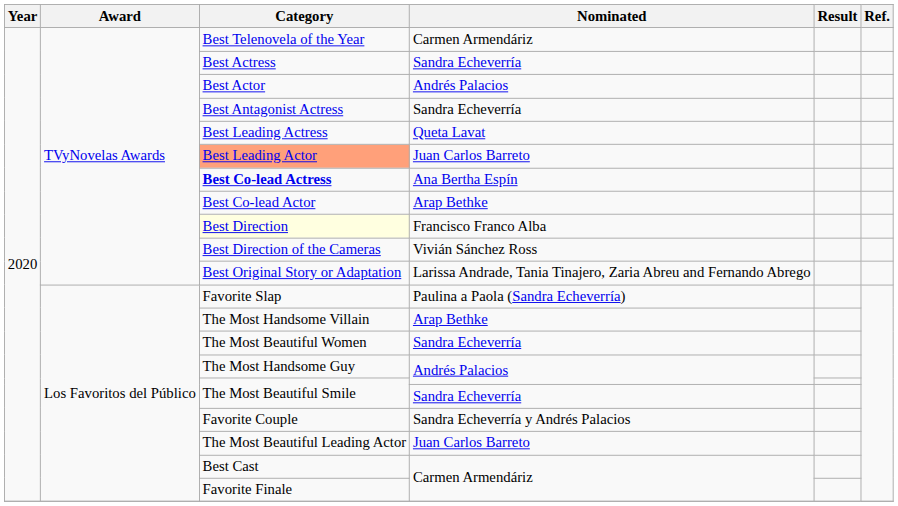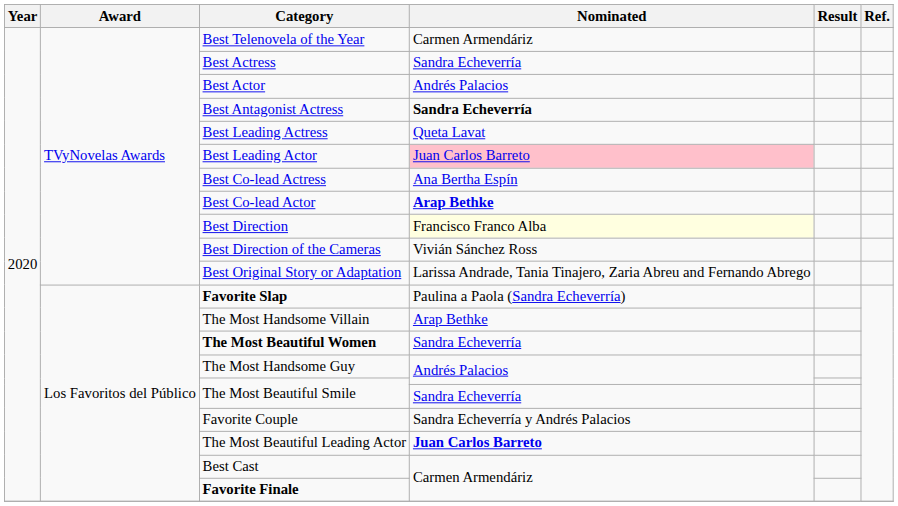 <table class="wikitable plainrowheaders">
 <tr>
 <th scope="col">Year</th>
 <th scope="col">Award</th>
 <th scope="col">Category</th>
 <th scope="col">Nominated</th>
 <th scope="col">Result</th>
 <th scope="col">Ref.</th>
 </tr>
 <tr>
 <td rowspan="21">2020</td>
 <td rowspan="11"><a href='#'>TVyNovelas Awards</a></td>
 <td><a href='#'>Best Telenovela of the Year</a></td>
 <td>Carmen Armendáriz</td>
 <td></td>
 <td></td>
 </tr>
 <tr>
 <td><a href='#'>Best Actress</a></td>
 <td><a href='#'>Sandra Echeverría</a></td>
 <td></td>
 <td></td>
 </tr>
 <tr>
 <td><a href='#'>Best Actor</a></td>
 <td><a href='#'>Andrés Palacios</a></td>
 <td></td>
 <td></td>
 </tr>
 <tr>
 <td><a href='#'>Best Antagonist Actress</a></td>
-<td>Sandra Echeverría</td>
+<td><strong>Sandra Echeverría</strong></td>
 <td></td>
 <td></td>
 </tr>
 <tr>
 <td><a href='#'>Best Leading Actress</a></td>
 <td><a href='#'>Queta Lavat</a></td>
 <td></td>
 <td></td>
 </tr>
 <tr>
-<td style="background: lightsalmon;"><a href='#'>Best Leading Actor</a></td>
-<td><a href='#'>Juan Carlos Barreto</a></td>
+<td><a href='#'>Best Leading Actor</a></td>
+<td style="background: pink;"><a href='#'>Juan Carlos Barreto</a></td>
 <td></td>
 <td></td>
 </tr>
 <tr>
-<td><strong><a href='#'>Best Co-lead Actress</a></strong></td>
+<td><a href='#'>Best Co-lead Actress</a></td>
 <td><a href='#'>Ana Bertha Espín</a></td>
 <td></td>
 <td></td>
 </tr>
 <tr>
 <td><a href='#'>Best Co-lead Actor</a></td>
-<td><a href='#'>Arap Bethke</a></td>
+<td><strong><a href='#'>Arap Bethke</a></strong></td>
 <td></td>
 <td></td>
 </tr>
 <tr>
-<td style="background: lightyellow;"><a href='#'>Best Direction</a></td>
-<td>Francisco Franco Alba</td>
+<td><a href='#'>Best Direction</a></td>
+<td style="background: lightyellow;">Francisco Franco Alba</td>
 <td></td>
 <td></td>
 </tr>
 <tr>
 <td><a href='#'>Best Direction of the Cameras</a></td>
 <td>Vivián Sánchez Ross</td>
 <td></td>
 <td></td>
 </tr>
 <tr>
 <td><a href='#'>Best Original Story or Adaptation</a></td>
 <td>Larissa Andrade, Tania Tinajero, Zaria Abreu and Fernando Abrego</td>
 <td></td>
 <td></td>
 </tr>
 <tr>
 <td rowspan="10">Los Favoritos del Público</td>
-<td>Favorite Slap</td>
+<td><strong>Favorite Slap</strong></td>
 <td>Paulina a Paola (<a href='#'>Sandra Echeverría</a>)</td>
 <td></td>
 <td rowspan="10"></td>
 </tr>
 <tr>
 <td>The Most Handsome Villain</td>
 <td><a href='#'>Arap Bethke</a></td>
 <td></td>
 </tr>
 <tr>
-<td>The Most Beautiful Women</td>
+<td><strong>The Most Beautiful Women</strong></td>
 <td><a href='#'>Sandra Echeverría</a></td>
 <td></td>
 </tr>
 <tr>
 <td>The Most Handsome Guy</td>
 <td rowspan="2"><a href='#'>Andrés Palacios</a></td>
 <td></td>
 </tr>
 <tr>
 <td rowspan="2">The Most Beautiful Smile</td>
 <td></td>
 </tr>
 <tr>
 <td><a href='#'>Sandra Echeverría</a></td>
 <td></td>
 </tr>
 <tr>
 <td>Favorite Couple</td>
 <td>Sandra Echeverría y Andrés Palacios</td>
 <td></td>
 </tr>
 <tr>
 <td>The Most Beautiful Leading Actor</td>
-<td><a href='#'>Juan Carlos Barreto</a></td>
+<td><strong><a href='#'>Juan Carlos Barreto</a></strong></td>
 <td></td>
 </tr>
 <tr>
 <td>Best Cast</td>
 <td rowspan="2">Carmen Armendáriz</td>
 <td></td>
 </tr>
 <tr>
-<td>Favorite Finale</td>
+<td><strong>Favorite Finale</strong></td>
 <td></td>
 </tr>
 <tr>
 </tr>
 </table>
